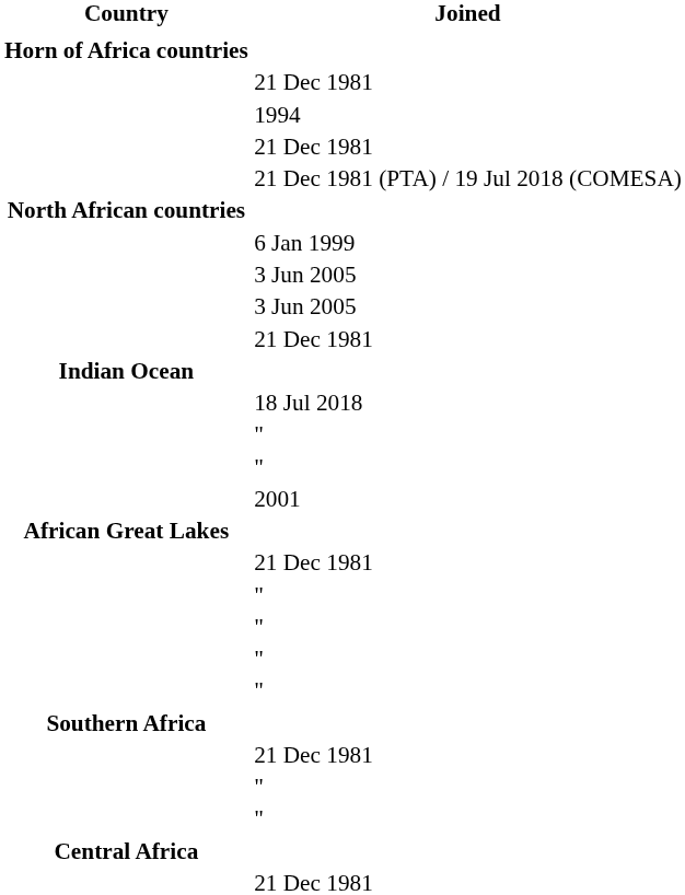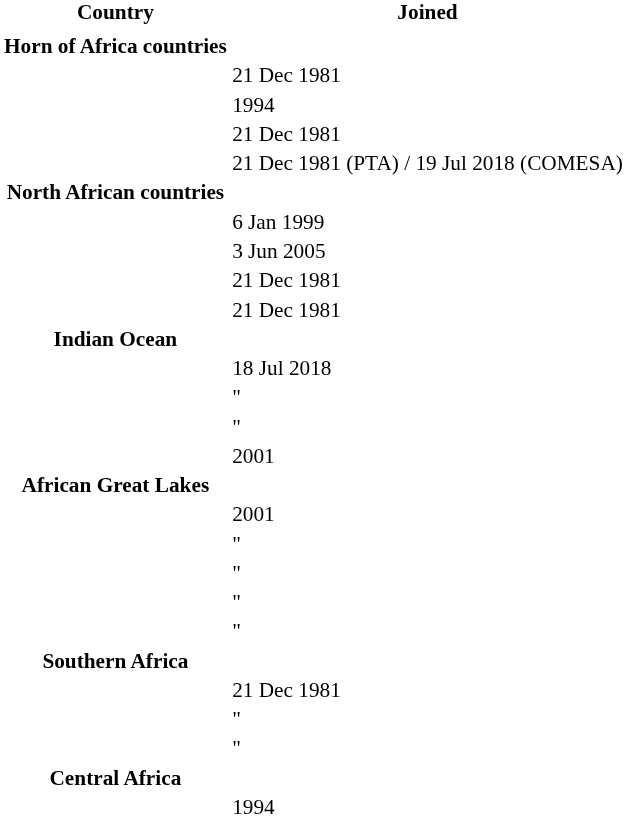 <table class="wikipedia table sortable">
 <tr>
 <th>Country</th>
 <th>Joined</th>
 </tr>
 <tr>
 <td></td>
 <td></td>
 </tr>
 <tr>
 <th>Horn of Africa countries</th>
 <th></th>
 </tr>
 <tr>
 <td></td>
 <td>21 Dec 1981</td>
 </tr>
 <tr>
 <td></td>
 <td>1994</td>
 </tr>
 <tr>
 <td></td>
 <td>21 Dec 1981</td>
 </tr>
 <tr>
 <td></td>
 <td>21 Dec 1981 (PTA) / 19 Jul 2018 (COMESA)</td>
 </tr>
 <tr>
 <th>North African countries</th>
 <th></th>
 </tr>
 <tr>
 <td></td>
 <td>6 Jan 1999</td>
 </tr>
 <tr>
 <td></td>
 <td>3 Jun 2005</td>
 </tr>
 <tr>
 <td></td>
-<td>3 Jun 2005</td>
+<td>21 Dec 1981</td>
 </tr>
 <tr>
 <td></td>
 <td>21 Dec 1981</td>
 </tr>
 <tr>
 <th>Indian Ocean</th>
 <th></th>
 </tr>
 <tr>
 <td></td>
 <td>18 Jul 2018</td>
 </tr>
 <tr>
 <td></td>
 <td>"</td>
 </tr>
 <tr>
 <td></td>
 <td>"</td>
 </tr>
 <tr>
 <td></td>
 <td>2001</td>
 </tr>
 <tr>
 <th>African Great Lakes</th>
 <th></th>
 </tr>
 <tr>
 <td></td>
-<td>21 Dec 1981</td>
+<td>2001</td>
 </tr>
 <tr>
 <td></td>
 <td>"</td>
 </tr>
 <tr>
 <td></td>
 <td>"</td>
 </tr>
 <tr>
 <td></td>
 <td>"</td>
 </tr>
 <tr>
 <td></td>
 <td>"</td>
 </tr>
 <tr>
 <th>Southern Africa</th>
 <th></th>
 </tr>
 <tr>
 <td></td>
 <td>21 Dec 1981</td>
 </tr>
 <tr>
 <td></td>
 <td>"</td>
 </tr>
 <tr>
 <td></td>
 <td>"</td>
 </tr>
 <tr>
 <th>Central Africa</th>
 <th></th>
 </tr>
 <tr>
 <td></td>
-<td>21 Dec 1981</td>
+<td>1994</td>
 </tr>
 </table>
